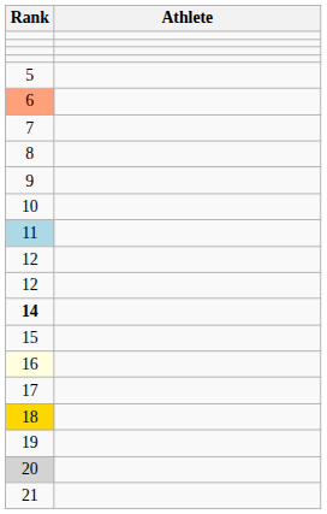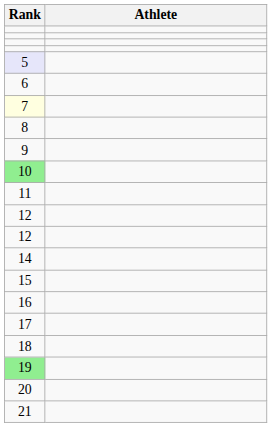 <table class="wikitable" style="text-align: center;">
 <tr>
 <th width=40>Rank</th>
 <th width=250>Athlete</th>
 </tr>
 <tr>
 <td></td>
 <td align=left></td>
 </tr>
 <tr>
 <td></td>
 <td align=left></td>
 </tr>
 <tr>
 <td></td>
 <td align=left></td>
 </tr>
 <tr>
 <td></td>
 <td align=left></td>
 </tr>
 <tr>
-<td>5</td>
+<td style="background: lavender;">5</td>
 <td align=left></td>
 </tr>
 <tr>
-<td style="background: lightsalmon;">6</td>
+<td>6</td>
 <td align=left></td>
 </tr>
 <tr>
-<td>7</td>
+<td style="background: lightyellow;">7</td>
 <td align=left></td>
 </tr>
 <tr>
 <td>8</td>
 <td align=left></td>
 </tr>
 <tr>
 <td>9</td>
 <td align=left></td>
 </tr>
 <tr>
-<td>10</td>
+<td style="background: lightgreen;">10</td>
 <td align=left></td>
 </tr>
 <tr>
-<td style="background: lightblue;">11</td>
+<td>11</td>
 <td align=left></td>
 </tr>
 <tr>
 <td>12</td>
 <td align=left></td>
 </tr>
 <tr>
 <td>12</td>
 <td align=left></td>
 </tr>
 <tr>
-<td><strong>14</strong></td>
+<td>14</td>
 <td align=left></td>
 </tr>
 <tr>
 <td>15</td>
 <td align=left></td>
 </tr>
 <tr>
-<td style="background: lightyellow;">16</td>
+<td>16</td>
 <td align=left></td>
 </tr>
 <tr>
 <td>17</td>
 <td align=left></td>
 </tr>
 <tr>
-<td style="background: gold;">18</td>
+<td>18</td>
 <td align=left></td>
 </tr>
 <tr>
-<td>19</td>
+<td style="background: lightgreen;">19</td>
 <td align=left></td>
 </tr>
 <tr>
-<td style="background: lightgrey;">20</td>
+<td>20</td>
 <td align=left></td>
 </tr>
 <tr>
 <td>21</td>
 <td align=left></td>
 </tr>
 </table>
